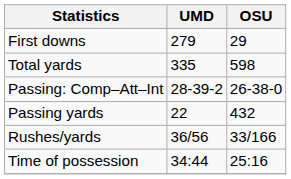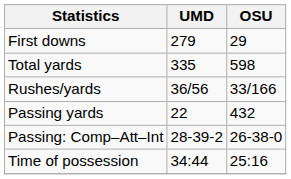 <table class="wikitable" style="float: left;">
 <tr>
 <th>Statistics</th>
 <th>UMD</th>
 <th>OSU</th>
 </tr>
 <tr>
 <td>First downs</td>
 <td>279</td>
 <td>29</td>
 </tr>
 <tr>
 <td>Total yards</td>
 <td>335</td>
 <td>598</td>
 </tr>
 <tr>
-<td>Passing: Comp–Att–Int</td>
-<td>28-39-2</td>
-<td>26-38-0</td>
+<td>Rushes/yards</td>
+<td>36/56</td>
+<td>33/166</td>
 </tr>
 <tr>
 <td>Passing yards</td>
 <td>22</td>
 <td>432</td>
 </tr>
 <tr>
-<td>Rushes/yards</td>
-<td>36/56</td>
-<td>33/166</td>
+<td>Passing: Comp–Att–Int</td>
+<td>28-39-2</td>
+<td>26-38-0</td>
 </tr>
 <tr>
 <td>Time of possession</td>
 <td>34:44</td>
 <td>25:16</td>
 </tr>
 <tr>
 </tr>
 </table>
